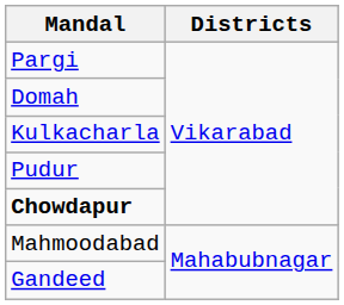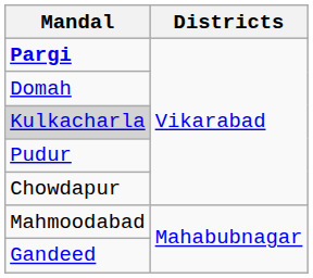 <table class="wikitable sortable static-row-numbers static-row-header-hash">
 <tr>
 <th>Mandal</th>
 <th>Districts</th>
 </tr>
 <tr>
-<td><a href='#'>Pargi</a></td>
+<td><strong><a href='#'>Pargi</a></strong></td>
 <td rowspan="5"><a href='#'>Vikarabad</a></td>
 </tr>
 <tr>
 <td><a href='#'>Domah</a></td>
 </tr>
 <tr>
-<td><a href='#'>Kulkacharla</a></td>
+<td style="background: lightgrey;"><a href='#'>Kulkacharla</a></td>
 </tr>
 <tr>
 <td><a href='#'>Pudur</a></td>
 </tr>
 <tr>
-<td><strong>Chowdapur</strong></td>
+<td>Chowdapur</td>
 </tr>
 <tr>
 <td>Mahmoodabad</td>
 <td rowspan="2"><a href='#'>Mahabubnagar</a></td>
 </tr>
 <tr>
 <td><a href='#'>Gandeed</a></td>
 </tr>
 </table>
